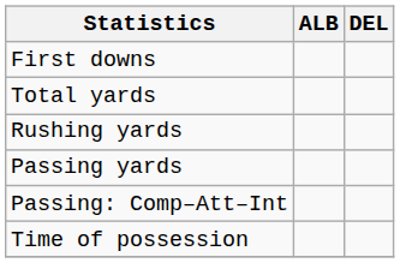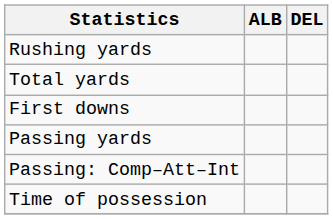 <table class="wikitable" style="float: left;">
 <tr>
 <th>Statistics</th>
 <th>ALB</th>
 <th>DEL</th>
 </tr>
 <tr>
-<td>First downs</td>
+<td>Rushing yards</td>
 <td></td>
 <td></td>
 </tr>
 <tr>
 <td>Total yards</td>
 <td></td>
 <td></td>
 </tr>
 <tr>
-<td>Rushing yards</td>
+<td>First downs</td>
 <td></td>
 <td></td>
 </tr>
 <tr>
 <td>Passing yards</td>
 <td></td>
 <td></td>
 </tr>
 <tr>
 <td>Passing: Comp–Att–Int</td>
 <td></td>
 <td></td>
 </tr>
 <tr>
 <td>Time of possession</td>
 <td></td>
 <td></td>
 </tr>
 <tr>
 </tr>
 </table>
